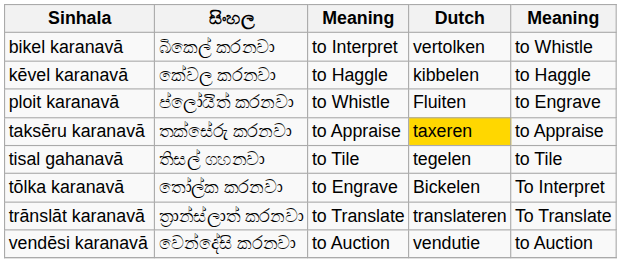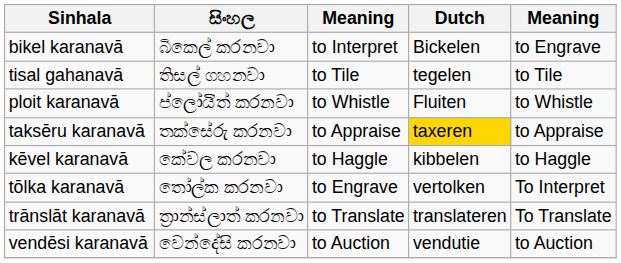 <table class="wikitable">
 <tr>
 <th>Sinhala</th>
 <th>සිංහල</th>
 <th>Meaning</th>
 <th>Dutch</th>
 <th>Meaning</th>
 </tr>
 <tr>
 <td style="width:08em">bikel karanavā</td>
 <td>බිකෙල් කරනවා</td>
 <td>to Interpret</td>
-<td>vertolken</td>
+<td>Bickelen</td>
+<td>to Engrave</td>
+</tr>
+<tr>
+<td>tisal gahanavā</td>
+<td>තිසල් ගහනවා</td>
+<td>to Tile</td>
+<td>tegelen</td>
+<td>to Tile</td>
+</tr>
+<tr>
+<td>ploit karanavā</td>
+<td>ප්ලෝයිත් කරනවා</td>
 <td>to Whistle</td>
+<td>Fluiten</td>
+<td>to Whistle</td>
+</tr>
+<tr>
+<td>taksēru karanavā</td>
+<td>තක්සේරු කරනවා</td>
+<td>to Appraise</td>
+<td style="background: gold;">taxeren</td>
+<td>to Appraise</td>
 </tr>
 <tr>
 <td>kēvel karanavā</td>
 <td>කේවල කරනවා</td>
 <td>to Haggle</td>
 <td>kibbelen</td>
 <td>to Haggle</td>
 </tr>
 <tr>
-<td>ploit karanavā</td>
-<td>ප්ලෝයිත් කරනවා</td>
-<td>to Whistle</td>
-<td>Fluiten</td>
-<td>to Engrave</td>
-</tr>
-<tr>
-<td>taksēru karanavā</td>
-<td>තක්සේරු කරනවා</td>
-<td>to Appraise</td>
-<td style="background: gold;">taxeren</td>
-<td>to Appraise</td>
-</tr>
-<tr>
-<td>tisal gahanavā</td>
-<td>තිසල් ගහනවා</td>
-<td>to Tile</td>
-<td>tegelen</td>
-<td>to Tile</td>
-</tr>
-<tr>
 <td>tōlka karanavā</td>
 <td>තෝල්ක කරනවා</td>
 <td>to Engrave</td>
-<td>Bickelen</td>
+<td>vertolken</td>
 <td>To Interpret</td>
 </tr>
 <tr>
 <td>trānslāt karanavā</td>
 <td>ත්‍රාන්ස්ලාත් කරනවා</td>
 <td>to Translate</td>
 <td>translateren</td>
 <td>To Translate</td>
 </tr>
 <tr>
 <td>vendēsi karanavā</td>
 <td>වෙන්දේසි කරනවා</td>
 <td>to Auction</td>
 <td>vendutie</td>
 <td>to Auction</td>
 </tr>
 <tr>
 </tr>
 </table>
